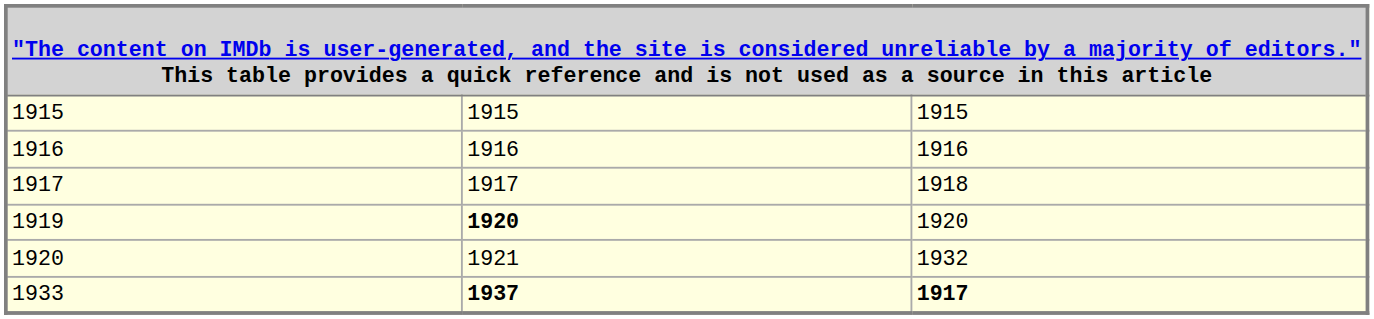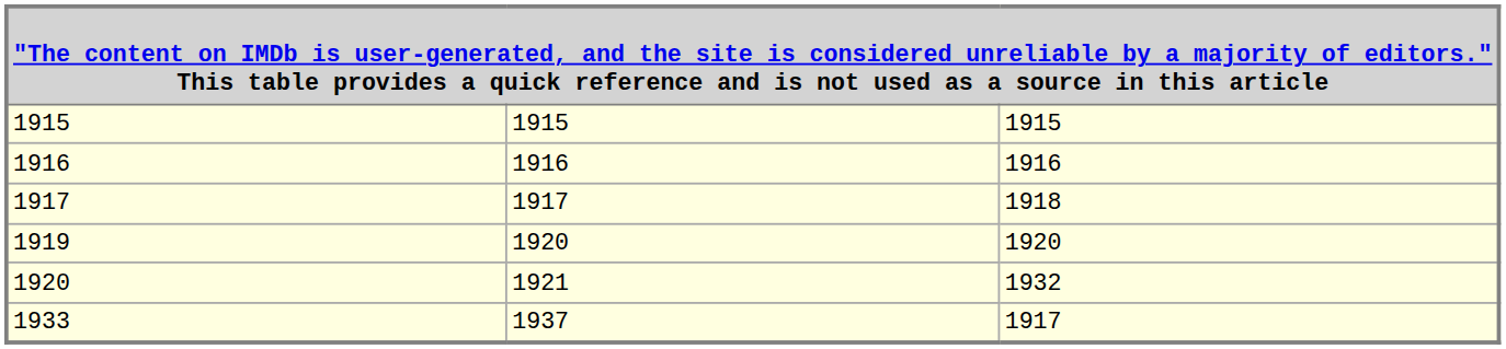 <table class="wikitable sortable mw-collapsible mw-collapsed" style="background:lightyellow; border:2px solid gray;font-size:90%">
 <tr>
 <th colspan="18" style="border:1px solid #808080;background:lightgrey;"><br><a href='#'>"The content on IMDb is user-generated, and the site is considered unreliable by a majority of editors."</a> <br> This table provides a quick reference and is not used as a source in this article</th>
 </tr>
 <tr>
 <td>1915 </td>
 <td>1915 </td>
 <td>1915 </td>
 </tr>
 <tr>
 <td>1916 </td>
 <td>1916 </td>
 <td>1916 </td>
 </tr>
 <tr>
 <td>1917 </td>
 <td>1917 </td>
 <td>1918 </td>
 </tr>
 <tr>
 <td>1919 </td>
-<td><strong>1920 </strong></td>
+<td>1920 </td>
 <td>1920 </td>
 </tr>
 <tr>
 <td>1920 </td>
 <td>1921 </td>
 <td>1932 </td>
 </tr>
 <tr>
 <td>1933 </td>
-<td><strong>1937 </strong></td>
-<td><strong>1917 </strong></td>
+<td>1937 </td>
+<td>1917 </td>
 </tr>
 <tr>
 </tr>
 </table>
